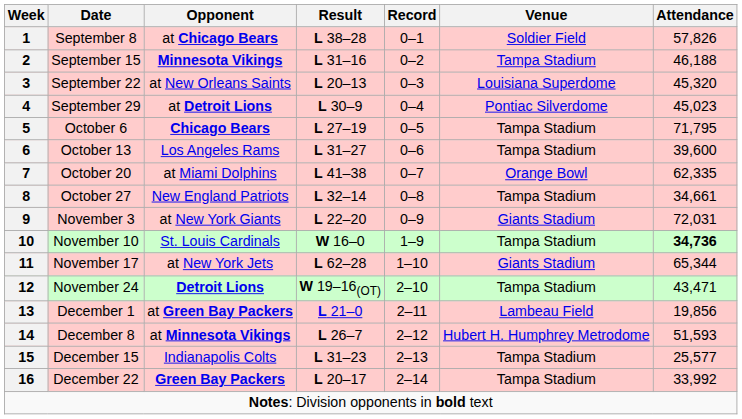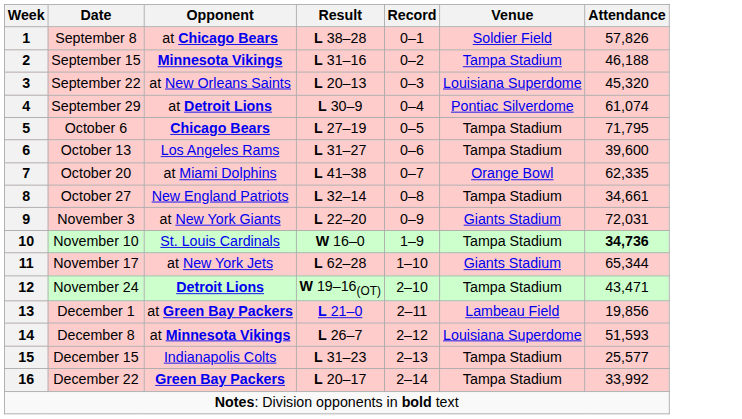 <table class="wikitable" style="text-align:center;">
 <tr>
 <th>Week</th>
 <th>Date</th>
 <th>Opponent</th>
 <th>Result</th>
 <th>Record</th>
 <th>Venue</th>
 <th>Attendance</th>
 </tr>
 <tr style="background:#fcc">
 <th>1</th>
 <td>September 8</td>
 <td>at <strong><a href='#'>Chicago Bears</a></strong></td>
 <td><strong>L</strong> 38–28</td>
 <td>0–1</td>
 <td><a href='#'>Soldier Field</a></td>
 <td>57,826</td>
 </tr>
 <tr style="background:#fcc">
 <th>2</th>
 <td>September 15</td>
 <td><strong><a href='#'>Minnesota Vikings</a></strong></td>
 <td><strong>L</strong> 31–16</td>
 <td>0–2</td>
 <td><a href='#'>Tampa Stadium</a></td>
 <td>46,188</td>
 </tr>
 <tr style="background:#fcc">
 <th>3</th>
 <td>September 22</td>
 <td>at <a href='#'>New Orleans Saints</a></td>
 <td><strong>L</strong> 20–13</td>
 <td>0–3</td>
 <td><a href='#'>Louisiana Superdome</a></td>
 <td>45,320</td>
 </tr>
 <tr style="background:#fcc">
 <th>4</th>
 <td>September 29</td>
 <td>at <strong><a href='#'>Detroit Lions</a></strong></td>
 <td><strong>L</strong> 30–9</td>
 <td>0–4</td>
 <td><a href='#'>Pontiac Silverdome</a></td>
-<td>45,023</td>
+<td>61,074</td>
 </tr>
 <tr style="background:#fcc">
 <th>5</th>
 <td>October 6</td>
 <td><strong><a href='#'>Chicago Bears</a></strong></td>
 <td><strong>L</strong> 27–19</td>
 <td>0–5</td>
 <td>Tampa Stadium</td>
 <td>71,795</td>
 </tr>
 <tr style="background:#fcc">
 <th>6</th>
 <td>October 13</td>
 <td><a href='#'>Los Angeles Rams</a></td>
 <td><strong>L</strong> 31–27</td>
 <td>0–6</td>
 <td>Tampa Stadium</td>
 <td>39,600</td>
 </tr>
 <tr style="background:#fcc">
 <th>7</th>
 <td>October 20</td>
 <td>at <a href='#'>Miami Dolphins</a></td>
 <td><strong>L</strong> 41–38</td>
 <td>0–7</td>
 <td><a href='#'>Orange Bowl</a></td>
 <td>62,335</td>
 </tr>
 <tr style="background:#fcc">
 <th>8</th>
 <td>October 27</td>
 <td><a href='#'>New England Patriots</a></td>
 <td><strong>L</strong> 32–14</td>
 <td>0–8</td>
 <td>Tampa Stadium</td>
 <td>34,661</td>
 </tr>
 <tr style="background:#fcc">
 <th>9</th>
 <td>November 3</td>
 <td>at <a href='#'>New York Giants</a></td>
 <td><strong>L</strong> 22–20</td>
 <td>0–9</td>
 <td><a href='#'>Giants Stadium</a></td>
 <td>72,031</td>
 </tr>
 <tr style="background:#cfc">
 <th>10</th>
 <td>November 10</td>
 <td><a href='#'>St. Louis Cardinals</a></td>
 <td><strong>W</strong> 16–0</td>
 <td>1–9</td>
 <td>Tampa Stadium</td>
 <td><strong>34,736</strong></td>
 </tr>
 <tr style="background:#fcc">
 <th>11</th>
 <td>November 17</td>
 <td>at <a href='#'>New York Jets</a></td>
 <td><strong>L</strong> 62–28</td>
 <td>1–10</td>
 <td><a href='#'>Giants Stadium</a></td>
 <td>65,344</td>
 </tr>
 <tr style="background:#cfc">
 <th>12</th>
 <td>November 24</td>
 <td><strong><a href='#'>Detroit Lions</a></strong></td>
 <td><strong>W</strong> 19–16<sub>(OT)</sub></td>
 <td>2–10</td>
 <td>Tampa Stadium</td>
 <td>43,471</td>
 </tr>
 <tr style="background:#fcc">
 <th>13</th>
 <td>December 1</td>
 <td>at <strong><a href='#'>Green Bay Packers</a></strong></td>
 <td><a href='#'><strong>L</strong> 21–0</a></td>
 <td>2–11</td>
 <td><a href='#'>Lambeau Field</a></td>
 <td>19,856</td>
 </tr>
 <tr style="background:#fcc">
 <th>14</th>
 <td>December 8</td>
 <td>at <strong><a href='#'>Minnesota Vikings</a></strong></td>
 <td><strong>L</strong> 26–7</td>
 <td>2–12</td>
-<td><a href='#'>Hubert H. Humphrey Metrodome</a></td>
+<td><a href='#'>Louisiana Superdome</a></td>
 <td>51,593</td>
 </tr>
 <tr style="background:#fcc">
 <th>15</th>
 <td>December 15</td>
 <td><a href='#'>Indianapolis Colts</a></td>
 <td><strong>L</strong> 31–23</td>
 <td>2–13</td>
 <td>Tampa Stadium</td>
 <td>25,577</td>
 </tr>
 <tr style="background:#fcc">
 <th>16</th>
 <td>December 22</td>
 <td><strong><a href='#'>Green Bay Packers</a></strong></td>
 <td><strong>L</strong> 20–17</td>
 <td>2–14</td>
 <td>Tampa Stadium</td>
 <td>33,992</td>
 </tr>
 <tr>
 <td colspan="7"><strong>Notes</strong>: Division opponents in <strong>bold</strong> text</td>
 </tr>
 </table>
